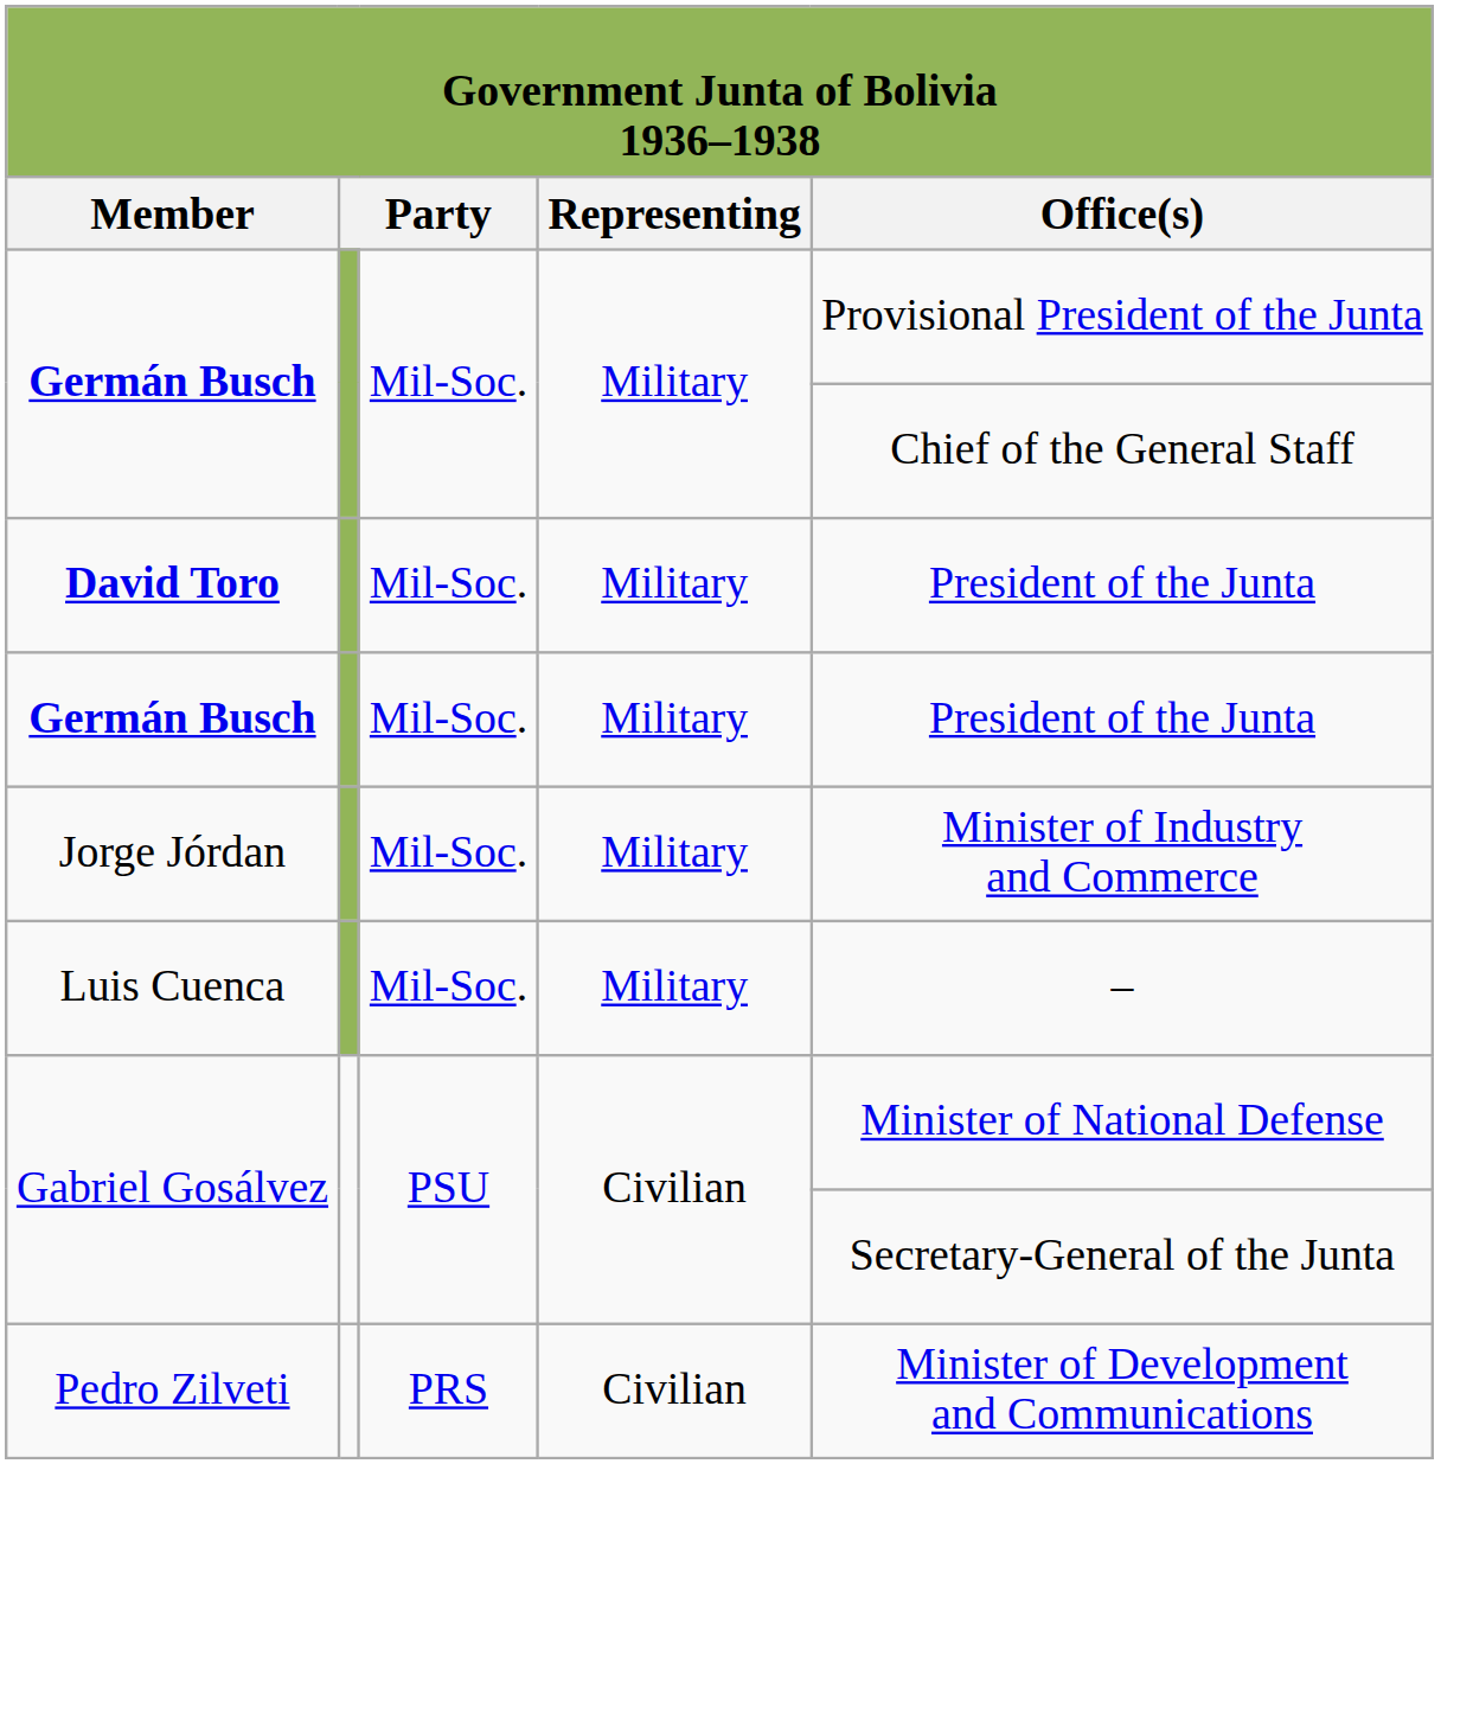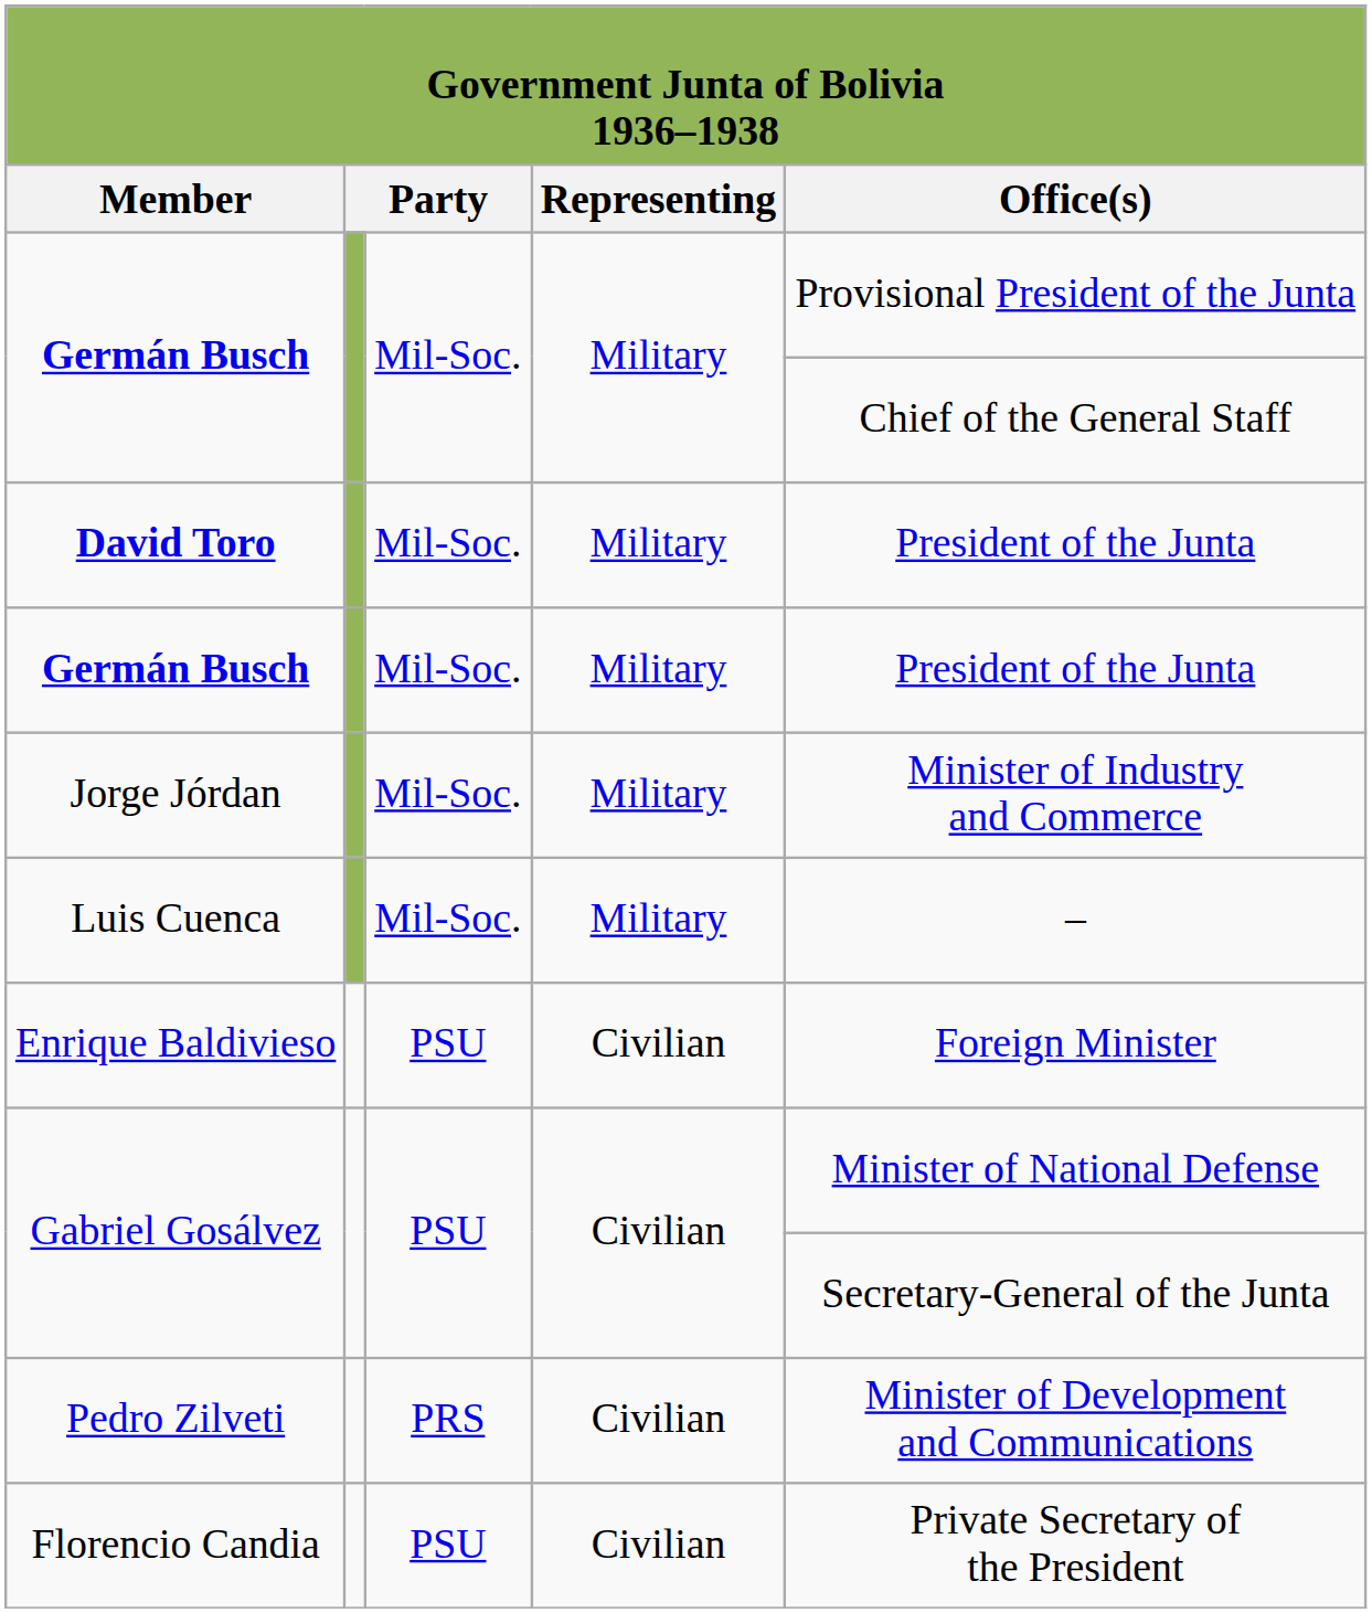 <table class="wikitable" style="text-align:center;">
 <tr>
 <th colspan="5" style="background-color:#92B558;"><br>Government Junta of Bolivia<br>1936–1938</th>
 </tr>
 <tr style="font-weight:bold;">
 <th>Member</th>
 <th colspan="2">Party</th>
 <th>Representing</th>
 <th>Office(s)<br></th>
 </tr>
 <tr style="height:3em;">
 <td rowspan="2"><strong><a href='#'>Germán Busch</a></strong></td>
 <td rowspan="2" style="background:#92B558;"></td>
 <td rowspan="2"><a href='#'>Mil-Soc</a>.</td>
 <td rowspan="2"><a href='#'>Military</a></td>
 <td>Provisional <a href='#'>President of the Junta</a></td>
 </tr>
 <tr style="height:3em;">
 <td>Chief of the General Staff</td>
 </tr>
 <tr style="height:3em;">
 <td><strong><a href='#'>David Toro</a></strong></td>
 <td style="background:#92B558;"></td>
 <td><a href='#'>Mil-Soc</a>.</td>
 <td><a href='#'>Military</a></td>
 <td><a href='#'>President of the Junta</a></td>
 </tr>
 <tr style="height:3em;">
 <td><strong><a href='#'>Germán Busch</a></strong></td>
 <td style="background:#92B558;"></td>
 <td><a href='#'>Mil-Soc</a>.</td>
 <td><a href='#'>Military</a></td>
 <td><a href='#'>President of the Junta</a><br></td>
 </tr>
 <tr style="height:3em;">
 <td>Jorge Jórdan</td>
 <td style="background:#92B558;"></td>
 <td><a href='#'>Mil-Soc</a>.</td>
 <td><a href='#'>Military</a></td>
 <td><a href='#'>Minister of Industry<br>and Commerce</a></td>
 </tr>
 <tr style="height:3em;">
 <td>Luis Cuenca</td>
 <td style="background:#92B558;"></td>
 <td><a href='#'>Mil-Soc</a>.</td>
 <td><a href='#'>Military</a></td>
 <td>–<br></td>
 </tr>
 <tr style="height:3em;">
+<td><a href='#'>Enrique Baldivieso</a></td>
+<td style="background:"></td>
+<td><a href='#'>PSU</a></td>
+<td>Civilian</td>
+<td><a href='#'>Foreign Minister</a></td>
+</tr>
+<tr style="height:3em;">
 <td rowspan="2"><a href='#'>Gabriel Gosálvez</a></td>
 <td rowspan="2" style="background:"></td>
 <td rowspan="2"><a href='#'>PSU</a></td>
 <td rowspan="2">Civilian</td>
 <td><a href='#'>Minister of National Defense</a></td>
 </tr>
 <tr style="height:3em;">
 <td>Secretary-General of the Junta</td>
 </tr>
 <tr style="height:3em;">
 <td><a href='#'>Pedro Zilveti</a></td>
 <td style="background:"></td>
 <td><a href='#'>PRS</a></td>
 <td>Civilian</td>
 <td><a href='#'>Minister of Development<br>and Communications</a></td>
 </tr>
+<tr style="height:3em;">
+<td>Florencio Candia</td>
+<td style="background:"></td>
+<td><a href='#'>PSU</a></td>
+<td>Civilian</td>
+<td>Private Secretary of<br>the President</td>
+</tr>
 </table>
